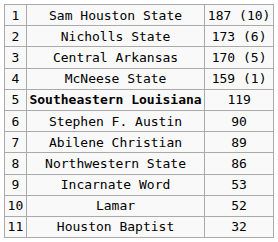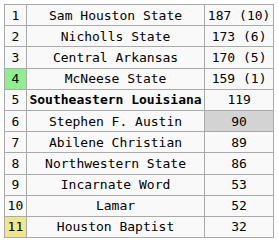 <table class="wikitable">
 <tr align="center">
 </tr>
 <tr align="center">
 <td>1</td>
 <td>Sam Houston State</td>
 <td>187 (10)</td>
 </tr>
 <tr align="center">
 <td>2</td>
 <td>Nicholls State</td>
 <td>173 (6)</td>
 </tr>
 <tr align="center">
 <td>3</td>
 <td>Central Arkansas</td>
 <td>170 (5)</td>
 </tr>
 <tr align="center">
-<td>4</td>
+<td style="background: lightgreen;">4</td>
 <td>McNeese State</td>
 <td>159 (1)</td>
 </tr>
 <tr align="center">
 <td>5</td>
 <td><strong>Southeastern Louisiana</strong></td>
 <td>119</td>
 </tr>
 <tr align="center">
 <td>6</td>
 <td>Stephen F. Austin</td>
-<td>90</td>
+<td style="background: lightgrey;">90</td>
 </tr>
 <tr align="center">
 <td>7</td>
 <td>Abilene Christian</td>
 <td>89</td>
 </tr>
 <tr align="center">
 <td>8</td>
 <td>Northwestern State</td>
 <td>86</td>
 </tr>
 <tr align="center">
 <td>9</td>
 <td>Incarnate Word</td>
 <td>53</td>
 </tr>
 <tr align="center">
 <td>10</td>
 <td>Lamar</td>
 <td>52</td>
 </tr>
 <tr align="center">
-<td>11</td>
+<td style="background: khaki;">11</td>
 <td>Houston Baptist</td>
 <td>32</td>
 </tr>
 </table>
